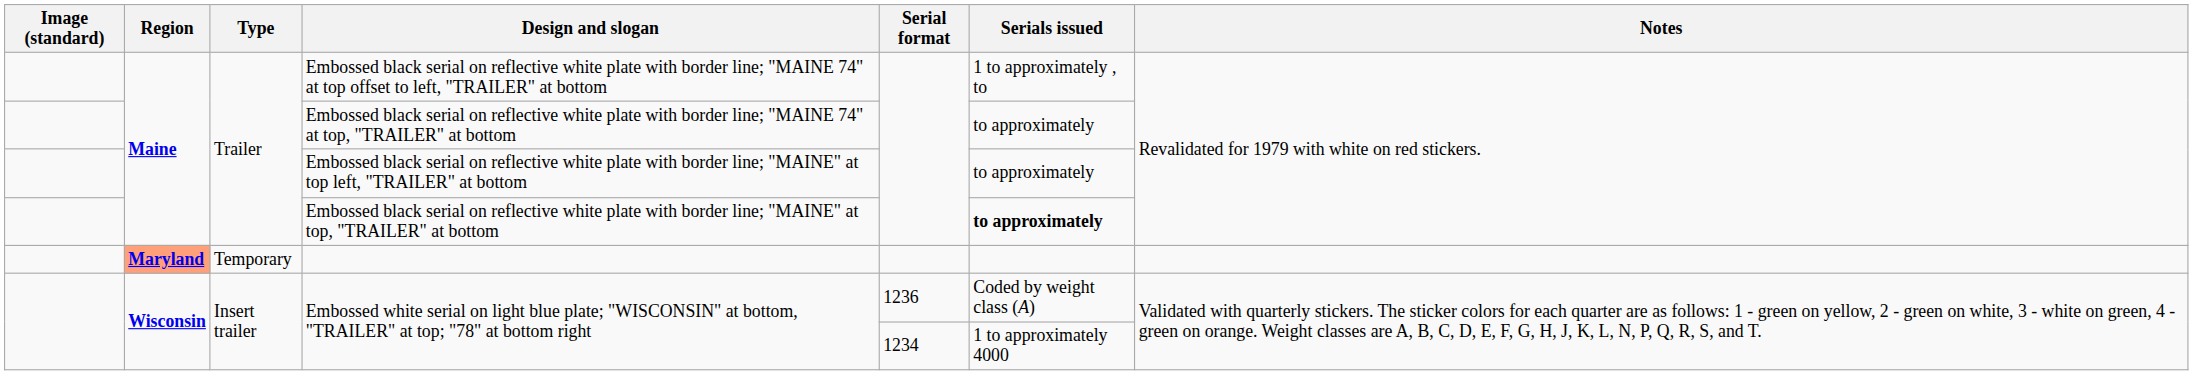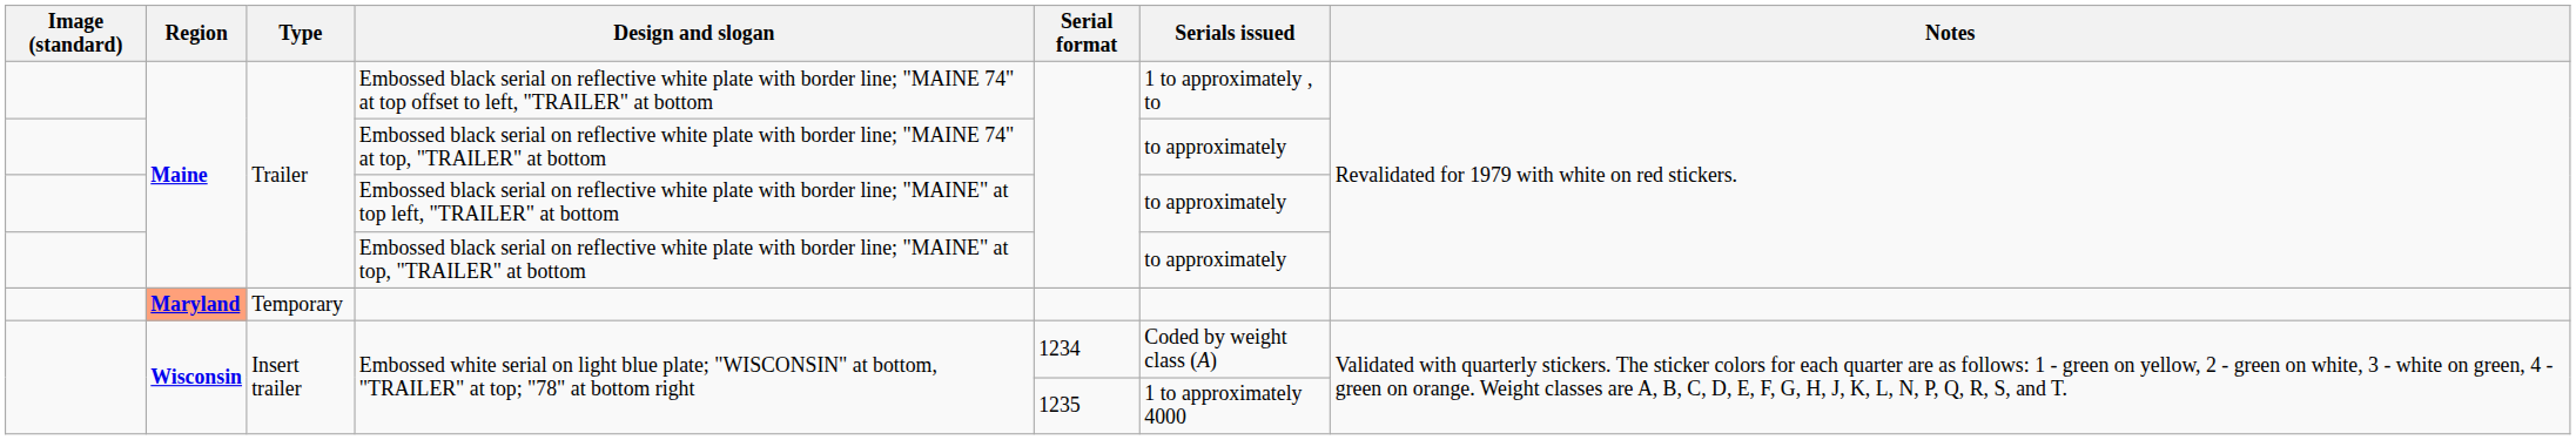 <table class="wikitable">
 <tr>
 <th>Image (standard)</th>
 <th>Region</th>
 <th>Type</th>
 <th>Design and slogan</th>
 <th>Serial format</th>
 <th>Serials issued</th>
 <th>Notes</th>
 </tr>
 <tr>
 <td></td>
 <td rowspan="4"><a href='#'><strong>Maine</strong></a></td>
 <td rowspan="4">Trailer</td>
 <td>Embossed black serial on reflective white plate with border line; "MAINE 74" at top offset to left, "TRAILER" at bottom</td>
 <td rowspan="4"></td>
 <td>1 to approximately ,  to </td>
 <td rowspan="4">Revalidated for 1979 with white on red stickers.</td>
 </tr>
 <tr>
 <td></td>
 <td>Embossed black serial on reflective white plate with border line; "MAINE 74" at top, "TRAILER" at bottom</td>
 <td> to approximately </td>
 </tr>
 <tr>
 <td></td>
 <td>Embossed black serial on reflective white plate with border line; "MAINE" at top left, "TRAILER" at bottom</td>
 <td> to approximately </td>
 </tr>
 <tr>
 <td></td>
 <td>Embossed black serial on reflective white plate with border line; "MAINE" at top, "TRAILER" at bottom</td>
-<td><strong> to approximately </strong></td>
+<td> to approximately </td>
 </tr>
 <tr>
 <td></td>
 <td style="background: lightsalmon;"><a href='#'><strong>Maryland</strong></a></td>
 <td>Temporary</td>
 <td></td>
 <td></td>
 <td></td>
 <td></td>
 </tr>
 <tr>
 <td rowspan="2"></td>
 <td rowspan="2"><a href='#'><strong>Wisconsin</strong></a></td>
 <td rowspan="2">Insert trailer</td>
 <td rowspan="2">Embossed white serial on light blue plate; "WISCONSIN" at bottom, "TRAILER" at top; "78" at bottom right</td>
-<td>1236</td>
+<td>1234</td>
 <td>Coded by weight class (<em>A</em>)</td>
 <td rowspan="2">Validated with quarterly stickers. The sticker colors for each quarter are as follows: 1 - green on yellow, 2 - green on white, 3 - white on green, 4 - green on orange. Weight classes are A, B, C, D, E, F, G, H, J, K, L, N, P, Q, R, S, and T.</td>
 </tr>
 <tr>
-<td>1234</td>
+<td>1235</td>
 <td> 1 to approximately 4000</td>
 </tr>
 </table>
